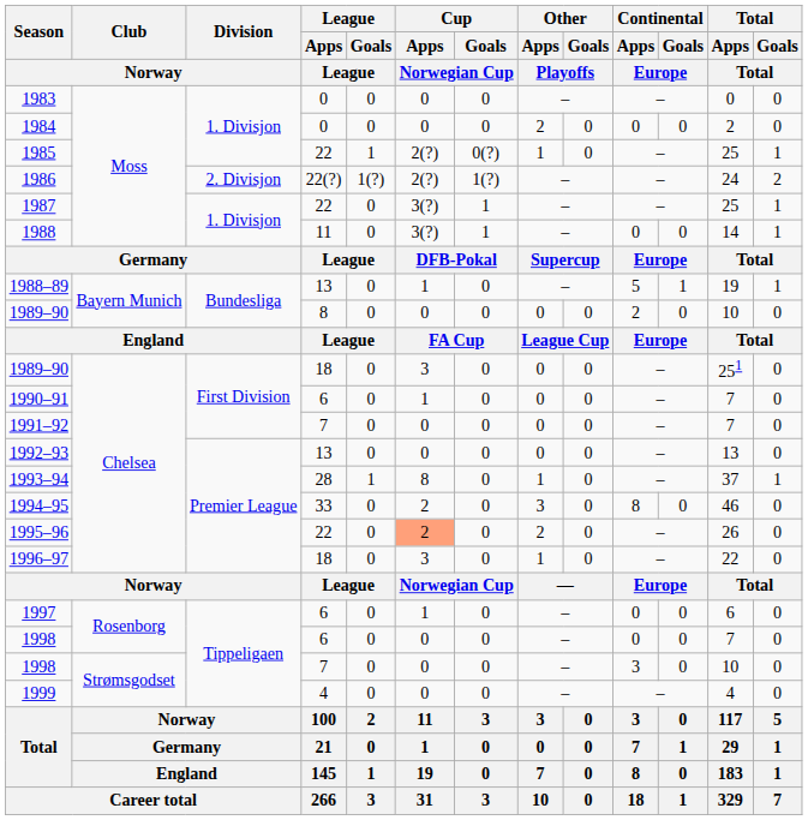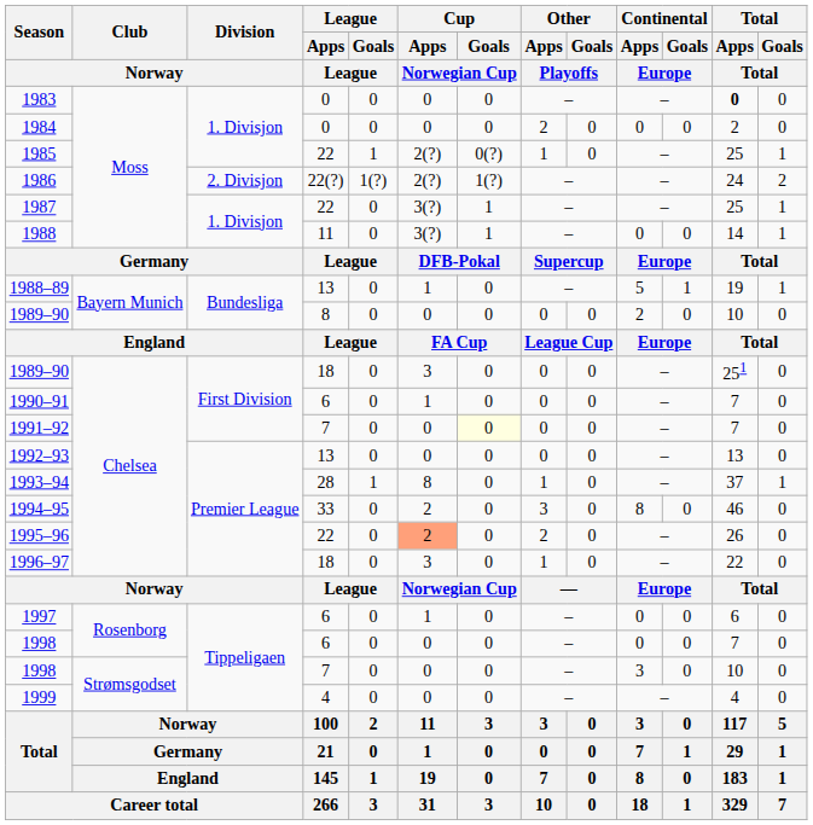 <table class="wikitable" style="text-align: center;">
 <tr>
 <th rowspan="2">Season</th>
 <th rowspan="2">Club</th>
 <th rowspan="2">Division</th>
 <th colspan="2">League</th>
 <th colspan="2">Cup</th>
 <th colspan="2">Other</th>
 <th colspan="2">Continental</th>
 <th colspan="2">Total</th>
 </tr>
 <tr>
 <th>Apps</th>
 <th>Goals</th>
 <th>Apps</th>
 <th>Goals</th>
 <th>Apps</th>
 <th>Goals</th>
 <th>Apps</th>
 <th>Goals</th>
 <th>Apps</th>
 <th>Goals</th>
 </tr>
 <tr>
 <th colspan=3>Norway</th>
 <th colspan=2>League</th>
 <th colspan=2><a href='#'>Norwegian Cup</a></th>
 <th colspan=2><a href='#'>Playoffs</a></th>
 <th colspan=2><a href='#'>Europe</a></th>
 <th colspan=2>Total</th>
 </tr>
 <tr>
 <td><a href='#'>1983</a></td>
 <td rowspan="6"><a href='#'>Moss</a></td>
 <td rowspan="3"><a href='#'>1. Divisjon</a></td>
 <td>0</td>
 <td>0</td>
 <td>0</td>
 <td>0</td>
 <td colspan="2">–</td>
 <td colspan="2">–</td>
-<td>0</td>
+<td><strong>0</strong></td>
 <td>0</td>
 </tr>
 <tr>
 <td><a href='#'>1984</a></td>
 <td>0</td>
 <td>0</td>
 <td>0</td>
 <td>0</td>
 <td>2</td>
 <td>0</td>
 <td>0</td>
 <td>0</td>
 <td>2</td>
 <td>0</td>
 </tr>
 <tr>
 <td><a href='#'>1985</a></td>
 <td>22</td>
 <td>1</td>
 <td>2(?)</td>
 <td>0(?)</td>
 <td>1</td>
 <td>0</td>
 <td colspan="2">–</td>
 <td>25</td>
 <td>1</td>
 </tr>
 <tr>
 <td><a href='#'>1986</a></td>
 <td><a href='#'>2. Divisjon</a></td>
 <td>22(?)</td>
 <td>1(?)</td>
 <td>2(?)</td>
 <td>1(?)</td>
 <td colspan="2">–</td>
 <td colspan="2">–</td>
 <td>24</td>
 <td>2</td>
 </tr>
 <tr>
 <td><a href='#'>1987</a></td>
 <td rowspan="2"><a href='#'>1. Divisjon</a></td>
 <td>22</td>
 <td>0</td>
 <td>3(?)</td>
 <td>1</td>
 <td colspan="2">–</td>
 <td colspan="2">–</td>
 <td>25</td>
 <td>1</td>
 </tr>
 <tr>
 <td><a href='#'>1988</a></td>
 <td>11</td>
 <td>0</td>
 <td>3(?)</td>
 <td>1</td>
 <td colspan="2">–</td>
 <td>0</td>
 <td>0</td>
 <td>14</td>
 <td>1</td>
 </tr>
 <tr>
 <th colspan=3>Germany</th>
 <th colspan=2>League</th>
 <th colspan=2><a href='#'>DFB-Pokal</a></th>
 <th colspan=2><a href='#'>Supercup</a></th>
 <th colspan=2><a href='#'>Europe</a></th>
 <th colspan=2>Total</th>
 </tr>
 <tr>
 <td><a href='#'>1988–89</a></td>
 <td rowspan="2"><a href='#'>Bayern Munich</a></td>
 <td rowspan="2"><a href='#'>Bundesliga</a></td>
 <td>13</td>
 <td>0</td>
 <td>1</td>
 <td>0</td>
 <td colspan="2">–</td>
 <td>5</td>
 <td>1</td>
 <td>19</td>
 <td>1</td>
 </tr>
 <tr>
 <td><a href='#'>1989–90</a></td>
 <td>8</td>
 <td>0</td>
 <td>0</td>
 <td>0</td>
 <td>0</td>
 <td>0</td>
 <td>2</td>
 <td>0</td>
 <td>10</td>
 <td>0</td>
 </tr>
 <tr>
 <th colspan=3>England</th>
 <th colspan=2>League</th>
 <th colspan=2><a href='#'>FA Cup</a></th>
 <th colspan=2><a href='#'>League Cup</a></th>
 <th colspan=2><a href='#'>Europe</a></th>
 <th colspan=2>Total</th>
 </tr>
 <tr>
 <td><a href='#'>1989–90</a></td>
 <td rowspan="8"><a href='#'>Chelsea</a></td>
 <td rowspan="3"><a href='#'>First Division</a></td>
 <td>18</td>
 <td>0</td>
 <td>3</td>
 <td>0</td>
 <td>0</td>
 <td>0</td>
 <td colspan="2">–</td>
 <td>25<sup><a href='#'>1</a></sup></td>
 <td>0</td>
 </tr>
 <tr>
 <td><a href='#'>1990–91</a></td>
 <td>6</td>
 <td>0</td>
 <td>1</td>
 <td>0</td>
 <td>0</td>
 <td>0</td>
 <td colspan="2">–</td>
 <td>7</td>
 <td>0</td>
 </tr>
 <tr>
 <td><a href='#'>1991–92</a></td>
 <td>7</td>
 <td>0</td>
 <td>0</td>
-<td>0</td>
+<td style="background: lightyellow;">0</td>
 <td>0</td>
 <td>0</td>
 <td colspan="2">–</td>
 <td>7</td>
 <td>0</td>
 </tr>
 <tr>
 <td><a href='#'>1992–93</a></td>
 <td rowspan="5"><a href='#'>Premier League</a></td>
 <td>13</td>
 <td>0</td>
 <td>0</td>
 <td>0</td>
 <td>0</td>
 <td>0</td>
 <td colspan="2">–</td>
 <td>13</td>
 <td>0</td>
 </tr>
 <tr>
 <td><a href='#'>1993–94</a></td>
 <td>28</td>
 <td>1</td>
 <td>8</td>
 <td>0</td>
 <td>1</td>
 <td>0</td>
 <td colspan="2">–</td>
 <td>37</td>
 <td>1</td>
 </tr>
 <tr>
 <td><a href='#'>1994–95</a></td>
 <td>33</td>
 <td>0</td>
 <td>2</td>
 <td>0</td>
 <td>3</td>
 <td>0</td>
 <td>8</td>
 <td>0</td>
 <td>46</td>
 <td>0</td>
 </tr>
 <tr>
 <td><a href='#'>1995–96</a></td>
 <td>22</td>
 <td>0</td>
 <td style="background: lightsalmon;">2</td>
 <td>0</td>
 <td>2</td>
 <td>0</td>
 <td colspan="2">–</td>
 <td>26</td>
 <td>0</td>
 </tr>
 <tr>
 <td><a href='#'>1996–97</a></td>
 <td>18</td>
 <td>0</td>
 <td>3</td>
 <td>0</td>
 <td>1</td>
 <td>0</td>
 <td colspan="2">–</td>
 <td>22</td>
 <td>0</td>
 </tr>
 <tr>
 <th colspan=3>Norway</th>
 <th colspan=2>League</th>
 <th colspan=2><a href='#'>Norwegian Cup</a></th>
 <th colspan=2>—</th>
 <th colspan=2><a href='#'>Europe</a></th>
 <th colspan=2>Total</th>
 </tr>
 <tr>
 <td><a href='#'>1997</a></td>
 <td rowspan="2"><a href='#'>Rosenborg</a></td>
 <td rowspan="4"><a href='#'>Tippeligaen</a></td>
 <td>6</td>
 <td>0</td>
 <td>1</td>
 <td>0</td>
 <td colspan="2">–</td>
 <td>0</td>
 <td>0</td>
 <td>6</td>
 <td>0</td>
 </tr>
 <tr>
 <td><a href='#'>1998</a></td>
 <td>6</td>
 <td>0</td>
 <td>0</td>
 <td>0</td>
 <td colspan="2">–</td>
 <td>0</td>
 <td>0</td>
 <td>7</td>
 <td>0</td>
 </tr>
 <tr>
 <td><a href='#'>1998</a></td>
 <td rowspan="2"><a href='#'>Strømsgodset</a></td>
 <td>7</td>
 <td>0</td>
 <td>0</td>
 <td>0</td>
 <td colspan="2">–</td>
 <td>3</td>
 <td>0</td>
 <td>10</td>
 <td>0</td>
 </tr>
 <tr>
 <td><a href='#'>1999</a></td>
 <td>4</td>
 <td>0</td>
 <td>0</td>
 <td>0</td>
 <td colspan="2">–</td>
 <td colspan="2">–</td>
 <td>4</td>
 <td>0</td>
 </tr>
 <tr>
 <th rowspan="3">Total</th>
 <th colspan="2">Norway</th>
 <th>100</th>
 <th>2</th>
 <th>11</th>
 <th>3</th>
 <th>3</th>
 <th>0</th>
 <th>3</th>
 <th>0</th>
 <th>117</th>
 <th>5</th>
 </tr>
 <tr>
 <th colspan="2">Germany</th>
 <th>21</th>
 <th>0</th>
 <th>1</th>
 <th>0</th>
 <th>0</th>
 <th>0</th>
 <th>7</th>
 <th>1</th>
 <th>29</th>
 <th>1</th>
 </tr>
 <tr>
 <th colspan="2">England</th>
 <th>145</th>
 <th>1</th>
 <th>19</th>
 <th>0</th>
 <th>7</th>
 <th>0</th>
 <th>8</th>
 <th>0</th>
 <th>183</th>
 <th>1</th>
 </tr>
 <tr>
 <th colspan="3">Career total</th>
 <th>266</th>
 <th>3</th>
 <th>31</th>
 <th>3</th>
 <th>10</th>
 <th>0</th>
 <th>18</th>
 <th>1</th>
 <th>329</th>
 <th>7</th>
 </tr>
 </table>
